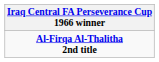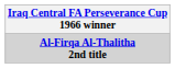 <table class="wikitable" style="text-align: center; margin: 0 auto;">
 <tr>
 <th><a href='#'>Iraq Central FA Perseverance Cup</a><br>1966 winner</th>
 </tr>
 <tr>
-<td><strong><a href='#'>Al-Firqa Al-Thalitha</a></strong><br><strong>2nd title</strong></td>
+<td style="background: lightgrey;"><strong><a href='#'>Al-Firqa Al-Thalitha</a></strong><br><strong>2nd title</strong></td>
 </tr>
 </table>
